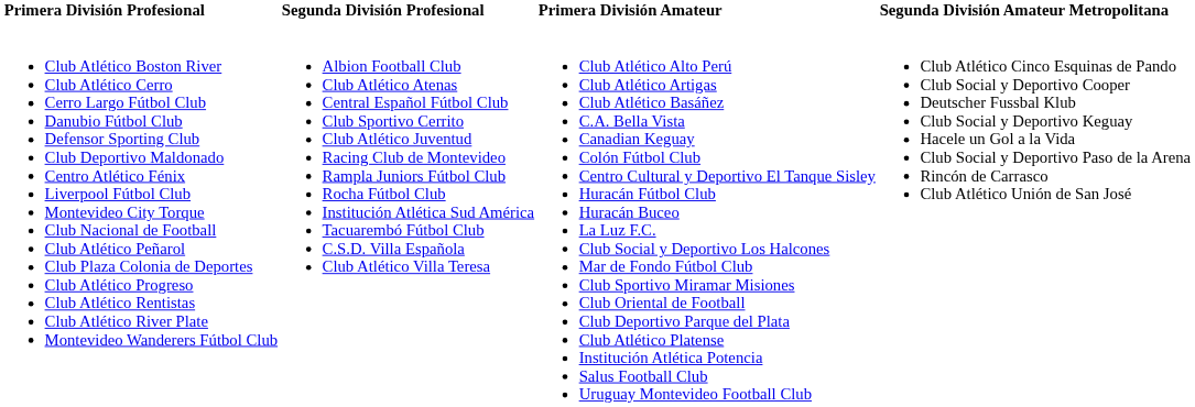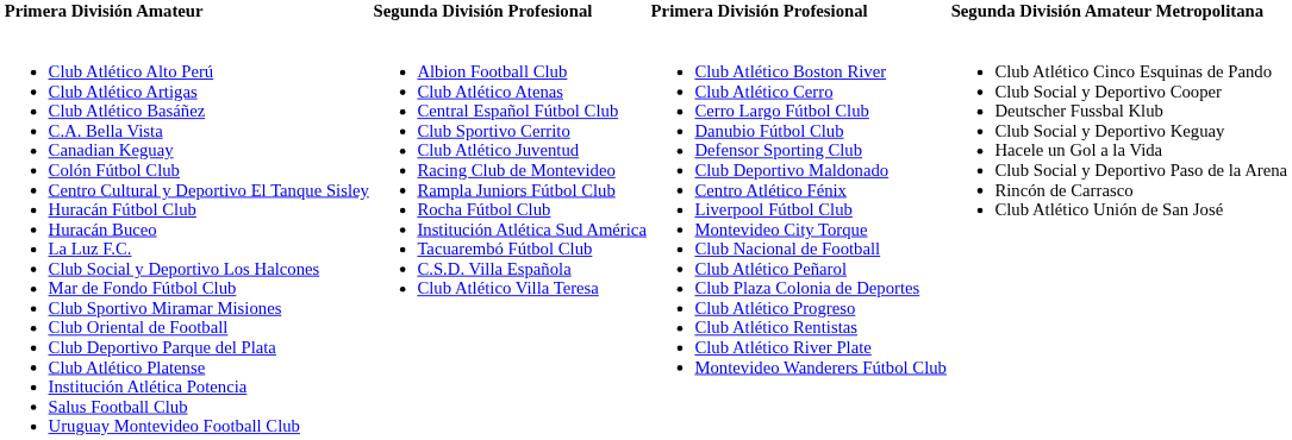 <table border="0">
 <tr>
+<td><strong>Primera División Amateur</strong></td>
+<td><strong>Segunda División Profesional</strong></td>
 <td><strong>Primera División Profesional</strong></td>
-<td><strong>Segunda División Profesional</strong></td>
-<td><strong>Primera División Amateur</strong></td>
 <td><strong>Segunda División Amateur Metropolitana</strong></td>
 </tr>
 <tr ---->
+<td valign=top><br><ul><li> <a href='#'>Club Atlético Alto Perú</a></li><li> <a href='#'>Club Atlético Artigas</a></li><li> <a href='#'>Club Atlético Basáñez</a></li><li> <a href='#'>C.A. Bella Vista</a></li><li> <a href='#'>Canadian Keguay</a></li><li> <a href='#'>Colón Fútbol Club</a></li><li> <a href='#'>Centro Cultural y Deportivo El Tanque Sisley</a></li><li> <a href='#'>Huracán Fútbol Club</a></li><li> <a href='#'>Huracán Buceo</a></li><li> <a href='#'>La Luz F.C.</a></li><li> <a href='#'>Club Social y Deportivo Los Halcones</a></li><li> <a href='#'>Mar de Fondo Fútbol Club</a></li><li> <a href='#'>Club Sportivo Miramar Misiones</a></li><li> <a href='#'>Club Oriental de Football</a></li><li> <a href='#'>Club Deportivo Parque del Plata</a></li><li> <a href='#'>Club Atlético Platense</a></li><li> <a href='#'>Institución Atlética Potencia</a></li><li> <a href='#'>Salus Football Club</a></li><li> <a href='#'>Uruguay Montevideo Football Club</a></li></ul></td>
+<td valign=top><br><ul><li> <a href='#'>Albion Football Club</a></li><li> <a href='#'>Club Atlético Atenas</a></li><li> <a href='#'>Central Español Fútbol Club</a></li><li> <a href='#'>Club Sportivo Cerrito</a></li><li> <a href='#'>Club Atlético Juventud</a></li><li> <a href='#'>Racing Club de Montevideo</a></li><li> <a href='#'>Rampla Juniors Fútbol Club</a></li><li> <a href='#'>Rocha Fútbol Club</a></li><li> <a href='#'>Institución Atlética Sud América</a></li><li> <a href='#'>Tacuarembó Fútbol Club</a></li><li> <a href='#'>C.S.D. Villa Española</a></li><li> <a href='#'>Club Atlético Villa Teresa</a></li></ul></td>
 <td valign=top><br><ul><li> <a href='#'>Club Atlético Boston River</a></li><li> <a href='#'>Club Atlético Cerro</a></li><li> <a href='#'>Cerro Largo Fútbol Club</a></li><li> <a href='#'>Danubio Fútbol Club</a></li><li> <a href='#'>Defensor Sporting Club</a></li><li> <a href='#'>Club Deportivo Maldonado</a></li><li> <a href='#'>Centro Atlético Fénix</a></li><li> <a href='#'>Liverpool Fútbol Club</a></li><li> <a href='#'>Montevideo City Torque</a></li><li> <a href='#'>Club Nacional de Football</a></li><li> <a href='#'>Club Atlético Peñarol</a></li><li> <a href='#'>Club Plaza Colonia de Deportes</a></li><li> <a href='#'>Club Atlético Progreso</a></li><li> <a href='#'>Club Atlético Rentistas</a></li><li> <a href='#'>Club Atlético River Plate</a></li><li> <a href='#'>Montevideo Wanderers Fútbol Club</a></li></ul></td>
-<td valign=top><br><ul><li> <a href='#'>Albion Football Club</a></li><li> <a href='#'>Club Atlético Atenas</a></li><li> <a href='#'>Central Español Fútbol Club</a></li><li> <a href='#'>Club Sportivo Cerrito</a></li><li> <a href='#'>Club Atlético Juventud</a></li><li> <a href='#'>Racing Club de Montevideo</a></li><li> <a href='#'>Rampla Juniors Fútbol Club</a></li><li> <a href='#'>Rocha Fútbol Club</a></li><li> <a href='#'>Institución Atlética Sud América</a></li><li> <a href='#'>Tacuarembó Fútbol Club</a></li><li> <a href='#'>C.S.D. Villa Española</a></li><li> <a href='#'>Club Atlético Villa Teresa</a></li></ul></td>
-<td valign=top><br><ul><li> <a href='#'>Club Atlético Alto Perú</a></li><li> <a href='#'>Club Atlético Artigas</a></li><li> <a href='#'>Club Atlético Basáñez</a></li><li> <a href='#'>C.A. Bella Vista</a></li><li> <a href='#'>Canadian Keguay</a></li><li> <a href='#'>Colón Fútbol Club</a></li><li> <a href='#'>Centro Cultural y Deportivo El Tanque Sisley</a></li><li> <a href='#'>Huracán Fútbol Club</a></li><li> <a href='#'>Huracán Buceo</a></li><li> <a href='#'>La Luz F.C.</a></li><li> <a href='#'>Club Social y Deportivo Los Halcones</a></li><li> <a href='#'>Mar de Fondo Fútbol Club</a></li><li> <a href='#'>Club Sportivo Miramar Misiones</a></li><li> <a href='#'>Club Oriental de Football</a></li><li> <a href='#'>Club Deportivo Parque del Plata</a></li><li> <a href='#'>Club Atlético Platense</a></li><li> <a href='#'>Institución Atlética Potencia</a></li><li> <a href='#'>Salus Football Club</a></li><li> <a href='#'>Uruguay Montevideo Football Club</a></li></ul></td>
 <td valign=top><br><ul><li> Club Atlético Cinco Esquinas de Pando</li><li> Club Social y Deportivo Cooper</li><li> Deutscher Fussbal Klub</li><li> Club Social y Deportivo Keguay</li><li> Hacele un Gol a la Vida</li><li> Club Social y Deportivo Paso de la Arena</li><li> Rincón de Carrasco</li><li> Club Atlético Unión de San José</li></ul></td>
 </tr>
 </table>
